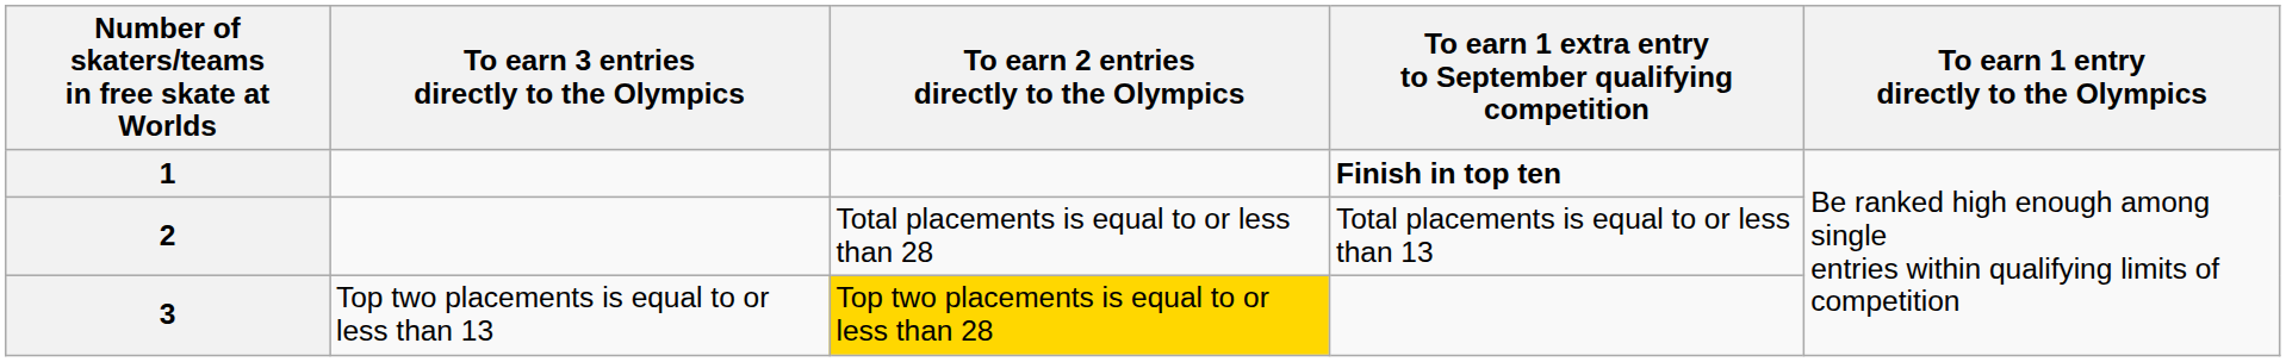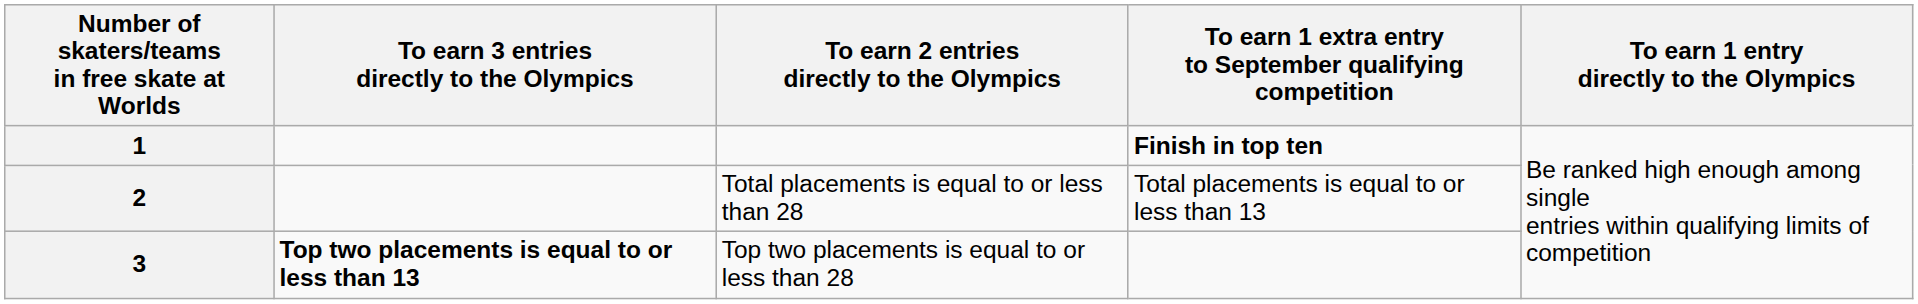 <table class="wikitable">
 <tr>
 <th>Number of skaters/teams <br> in free skate at Worlds</th>
 <th>To earn 3 entries <br> directly to the Olympics</th>
 <th>To earn 2 entries <br> directly to the Olympics</th>
 <th>To earn 1 extra entry <br> to September qualifying competition</th>
 <th>To earn 1 entry <br> directly to the Olympics</th>
 </tr>
 <tr>
 <th>1</th>
 <td></td>
 <td></td>
 <td><strong>Finish in top ten</strong></td>
 <td rowspan=3>Be ranked high enough among single <br>entries within qualifying limits of competition</td>
 </tr>
 <tr>
 <th>2</th>
 <td></td>
 <td>Total placements is equal to or less than 28</td>
 <td>Total placements is equal to or less than 13</td>
 </tr>
 <tr>
 <th>3</th>
-<td>Top two placements is equal to or less than 13</td>
-<td style="background: gold;">Top two placements is equal to or less than 28</td>
+<td><strong>Top two placements is equal to or less than 13</strong></td>
+<td>Top two placements is equal to or less than 28</td>
 <td></td>
 </tr>
 </table>
